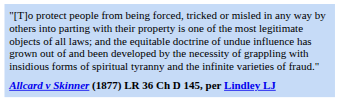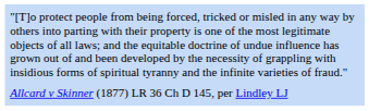 <table class="toccolours" style="float: right; margin-left: 1em; margin-right: 2em; font-size: 85%; background:#c6dbf7; color:black; width:30em; max-width: 40%;" cellspacing="5">
 <tr>
 <td style="text-align: left;">"[T]o protect people from being forced, tricked or misled in any way by others into parting with their property is one of the most legitimate objects of all laws; and the equitable doctrine of undue influence has grown out of and been developed by the necessity of grappling with insidious forms of spiritual tyranny and the infinite varieties of fraud."</td>
 </tr>
 <tr>
-<td style="text-align: left;"><strong><em><a href='#'>Allcard v Skinner</a></em> (1877) LR 36 Ch D 145, per <a href='#'>Lindley LJ</a></strong></td>
+<td style="text-align: left;"><em><a href='#'>Allcard v Skinner</a></em> (1877) LR 36 Ch D 145, per <a href='#'>Lindley LJ</a></td>
 </tr>
 </table>
